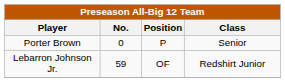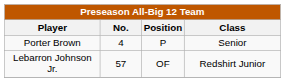 <table class="wikitable" style="text-align:center">
 <tr>
 <td colspan="5" style= "background: #BF5700; color:white"><strong>Preseason All-Big 12 Team</strong></td>
 </tr>
 <tr>
 <th style="width:150px; ">Player</th>
 <th style="width:60px; ">No.</th>
 <th style="width:60px; ">Position</th>
 <th style="width:150px; ">Class</th>
 </tr>
 <tr>
 <td>Porter Brown</td>
-<td>0</td>
+<td>4</td>
 <td>P</td>
 <td>Senior</td>
 </tr>
 <tr>
 <td>Lebarron Johnson Jr.</td>
-<td>59</td>
+<td>57</td>
 <td>OF</td>
 <td>Redshirt Junior</td>
 </tr>
 <tr>
 </tr>
 </table>
